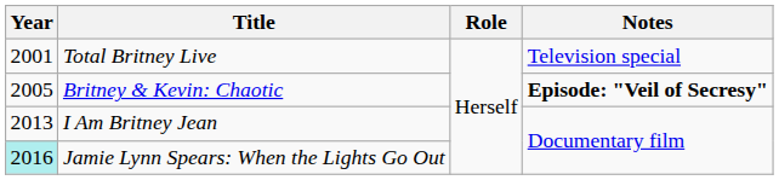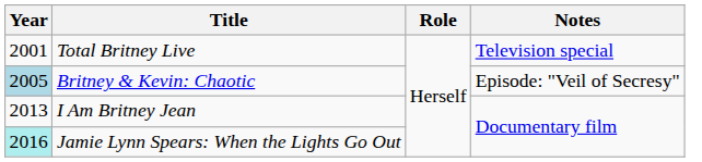 <table class="wikitable">
 <tr>
 <th>Year</th>
 <th>Title</th>
 <th>Role</th>
 <th>Notes</th>
 </tr>
 <tr>
 <td>2001</td>
 <td><em>Total Britney Live</em></td>
 <td rowspan="4">Herself</td>
 <td><a href='#'>Television special</a></td>
 </tr>
 <tr>
-<td>2005</td>
+<td style="background: lightblue;">2005</td>
 <td><em><a href='#'>Britney & Kevin: Chaotic</a></em></td>
-<td><strong>Episode: "Veil of Secresy"</strong></td>
+<td>Episode: "Veil of Secresy"</td>
 </tr>
 <tr>
 <td>2013</td>
 <td><em>I Am Britney Jean</em></td>
 <td rowspan="2"><a href='#'>Documentary film</a></td>
 </tr>
 <tr>
 <td style="background: paleturquoise;">2016</td>
 <td><em>Jamie Lynn Spears: When the Lights Go Out</em></td>
 </tr>
 </table>
